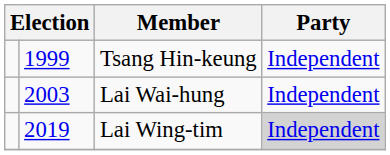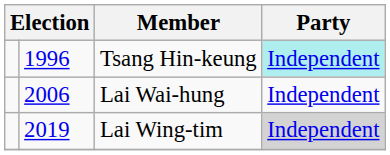 <table class="wikitable">
 <tr>
 <th colspan="2">Election</th>
 <th>Member</th>
 <th>Party</th>
 </tr>
 <tr>
 <td style="background-color: "></td>
-<td><a href='#'>1999</a></td>
+<td><a href='#'>1996</a></td>
 <td>Tsang Hin-keung</td>
-<td><a href='#'>Independent</a></td>
+<td style="background: paleturquoise;"><a href='#'>Independent</a></td>
 </tr>
 <tr>
 <td style="background-color: "></td>
-<td><a href='#'>2003</a></td>
+<td><a href='#'>2006</a></td>
 <td>Lai Wai-hung</td>
 <td><a href='#'>Independent</a></td>
 </tr>
 <tr>
 <td style="background-color: "></td>
 <td><a href='#'>2019</a></td>
 <td>Lai Wing-tim</td>
 <td style="background: lightgrey;"><a href='#'>Independent</a></td>
 </tr>
 <tr>
 </tr>
 </table>
